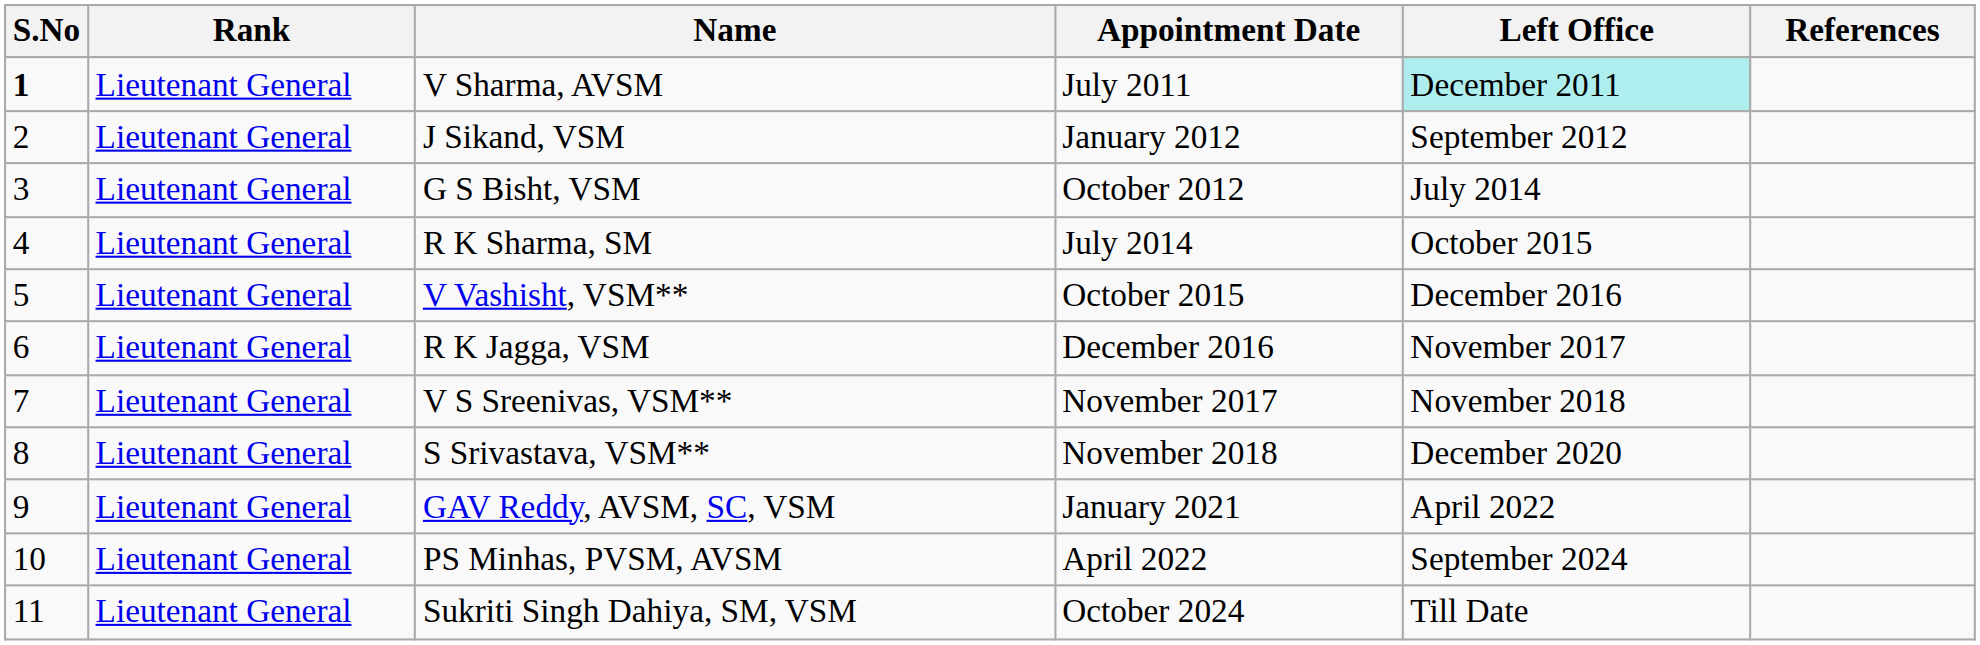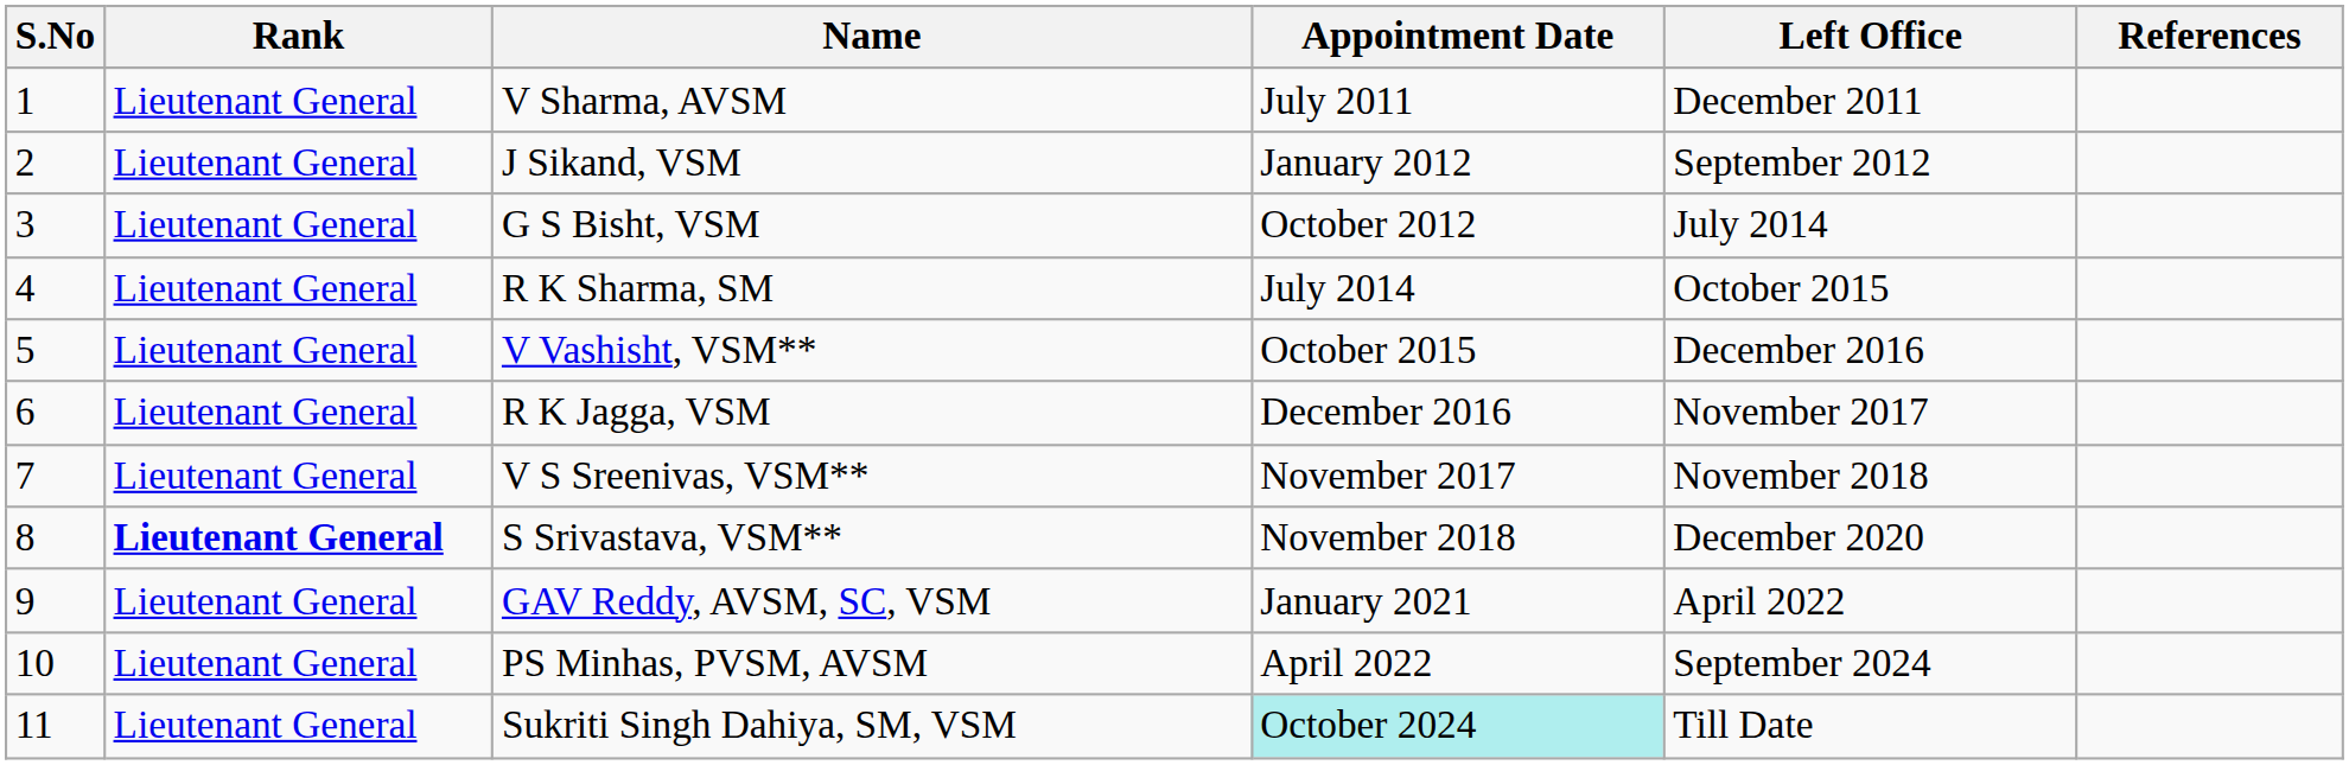 <table class="wikitable">
 <tr>
 <th scope="col" style="width: 20px;">S.No</th>
 <th scope="col" style="width: 150px;">Rank</th>
 <th scope="col" style="width: 300px;">Name</th>
 <th scope="col" style="width: 160px;">Appointment Date</th>
 <th scope="col" style="width: 160px;">Left Office</th>
 <th scope="col" style="width: 100px;">References</th>
 </tr>
 <tr>
 </tr>
 <tr>
-<td><strong>1</strong></td>
+<td>1</td>
 <td><a href='#'>Lieutenant General</a></td>
 <td>V Sharma, AVSM</td>
 <td>July 2011</td>
-<td style="background: paleturquoise;">December 2011</td>
+<td>December 2011</td>
 <td></td>
 </tr>
 <tr>
 <td>2</td>
 <td><a href='#'>Lieutenant General</a></td>
 <td>J Sikand, VSM</td>
 <td>January 2012</td>
 <td>September 2012</td>
 <td></td>
 </tr>
 <tr>
 <td>3</td>
 <td><a href='#'>Lieutenant General</a></td>
 <td>G S Bisht, VSM</td>
 <td>October 2012</td>
 <td>July 2014</td>
 <td></td>
 </tr>
 <tr>
 <td>4</td>
 <td><a href='#'>Lieutenant General</a></td>
 <td>R K Sharma, SM</td>
 <td>July 2014</td>
 <td>October 2015</td>
 <td></td>
 </tr>
 <tr>
 <td>5</td>
 <td><a href='#'>Lieutenant General</a></td>
 <td><a href='#'>V Vashisht</a>, VSM**</td>
 <td>October 2015</td>
 <td>December 2016</td>
 <td></td>
 </tr>
 <tr>
 <td>6</td>
 <td><a href='#'>Lieutenant General</a></td>
 <td>R K Jagga, VSM</td>
 <td>December 2016</td>
 <td>November 2017</td>
 <td></td>
 </tr>
 <tr>
 <td>7</td>
 <td><a href='#'>Lieutenant General</a></td>
 <td>V S Sreenivas, VSM**</td>
 <td>November 2017</td>
 <td>November 2018</td>
 <td></td>
 </tr>
 <tr>
 <td>8</td>
-<td><a href='#'>Lieutenant General</a></td>
+<td><strong><a href='#'>Lieutenant General</a></strong></td>
 <td>S Srivastava, VSM**</td>
 <td>November 2018</td>
 <td>December 2020</td>
 <td></td>
 </tr>
 <tr>
 <td>9</td>
 <td><a href='#'>Lieutenant General</a></td>
 <td><a href='#'>GAV Reddy</a>, AVSM, <a href='#'>SC</a>, VSM</td>
 <td>January 2021</td>
 <td>April 2022</td>
 <td></td>
 </tr>
 <tr>
 <td>10</td>
 <td><a href='#'>Lieutenant General</a></td>
 <td>PS Minhas, PVSM, AVSM</td>
 <td>April 2022</td>
 <td>September 2024</td>
 <td></td>
 </tr>
 <tr>
 <td>11</td>
 <td><a href='#'>Lieutenant General</a></td>
 <td>Sukriti Singh Dahiya, SM, VSM</td>
-<td>October 2024</td>
+<td style="background: paleturquoise;">October 2024</td>
 <td>Till Date</td>
 <td></td>
 </tr>
 </table>
